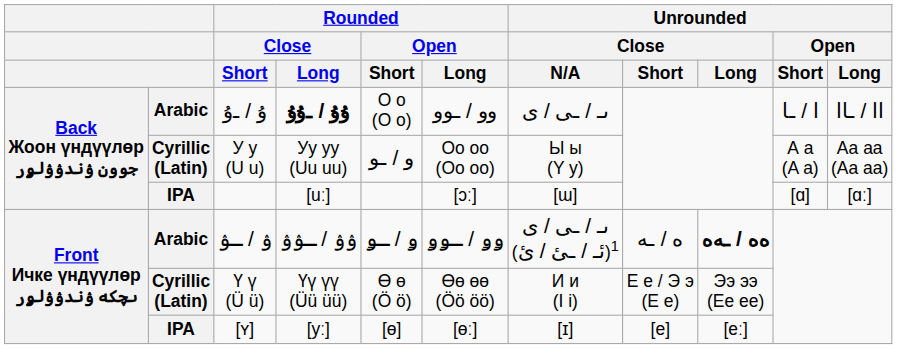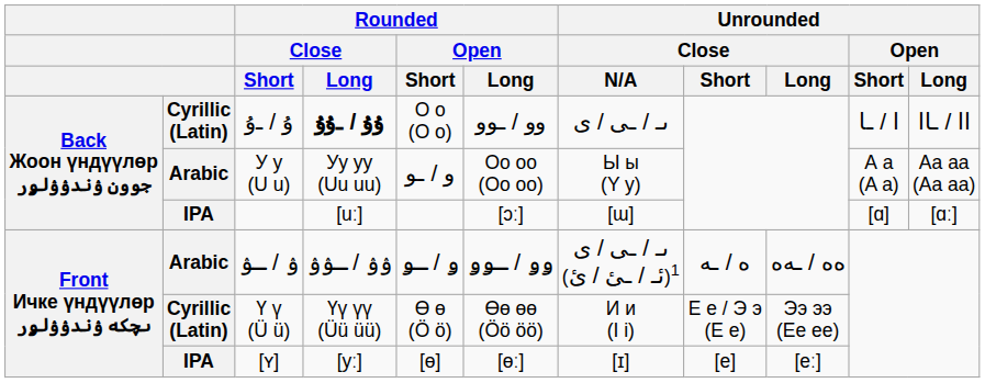 <table class="wikitable" style="text-align:center;">
 <tr>
 <th colspan=2></th>
 <th colspan=4><a href='#'>Rounded</a></th>
 <th colspan=5>Unrounded</th>
 </tr>
 <tr>
 <th colspan=2></th>
 <th colspan=2><a href='#'>Close</a></th>
 <th colspan=2><a href='#'>Open</a></th>
 <th colspan=3>Close</th>
 <th colspan=2>Open</th>
 </tr>
 <tr>
 <th colspan=2></th>
 <th><a href='#'>Short</a></th>
 <th><a href='#'>Long</a></th>
 <th>Short</th>
 <th>Long</th>
 <th>N/A</th>
 <th>Short</th>
 <th>Long</th>
 <th>Short</th>
 <th>Long</th>
 </tr>
 <tr>
 <th rowspan=3><a href='#'>Back</a><br>Жоон үндүүлөр<br>جوون ۉندۉۉلۅر</th>
-<th>Arabic</th>
+<th>Cyrillic<br>(Latin)</th>
 <td><big>ـﯗ‎ / ﯗ</big></td>
 <td><strong><big>ـﯗﯗ‎ / ﯗﯗ</big></strong></td>
 <td>О о<br>(O o)</td>
 <td><big>ـوو‎ / وو‎</big></td>
 <td><big>ىـ / ـى / ى‎</big></td>
 <td colspan=2; rowspan=3></td>
 <td><big>ا / ‍ـا</big></td>
 <td><big>اا / ‍ـاا</big></td>
 </tr>
 <tr>
-<th>Cyrillic<br>(Latin)</th>
+<th>Arabic</th>
 <td>У у<br>(U u)</td>
 <td>Уу уу<br>(Uu uu)</td>
 <td><big>ـو‎ / و‎</big></td>
 <td>Оо оо<br>(Oo oo)</td>
 <td>Ы ы<br>(Y y)</td>
 <td>А а<br>(A a)</td>
 <td>Аа аа<br>(Aa aa)</td>
 </tr>
 <tr>
 <th>IPA</th>
 <td></td>
 <td>[uː]</td>
 <td></td>
 <td>[ɔː]</td>
 <td>[ɯ]</td>
 <td>[ɑ]</td>
 <td>[ɑː]</td>
 </tr>
 <tr>
 <th rowspan=3><a href='#'>Front</a><br>Ичке үндүүлөр<br>ىچكە ۉندۉۉلۅر</th>
 <th>Arabic</th>
 <td><big>ـۉ‎ / ۉ</big></td>
 <td><big>ـۉۉ‎ / ۉۉ</big></td>
 <td><big>ـۅ‎ / ۅ‎</big></td>
 <td><big>ـۅۅ‎ / ۅۅ</big></td>
 <td><big>ىـ / ـى / ى‎</big><br>(<big>ئـ / ـئ / ئ‎</big>)<sup>1</sup></td>
 <td><big>ە / ـە</big></td>
-<td><strong><big>ەە / ـەە</big></strong></td>
+<td><big>ەە / ـەە</big></td>
 <td colspan=3; rowspan=3></td>
 </tr>
 <tr>
 <th>Cyrillic<br>(Latin)</th>
 <td>Ү ү<br>(Ü ü)</td>
 <td>Үү үү<br>(Üü üü)</td>
 <td>Ө ө<br>(Ö ö)</td>
 <td>Өө өө<br>(Öö öö)</td>
 <td>И и<br>(I i)</td>
 <td>Е е / Э э<br>(E e)</td>
 <td>Ээ ээ<br>(Ee ee)</td>
 </tr>
 <tr>
 <th>IPA</th>
 <td>[ʏ]</td>
 <td>[yː]</td>
 <td>[ɵ]</td>
 <td>[ɵː]</td>
 <td>[ɪ]</td>
 <td>[e]</td>
 <td>[eː]</td>
 </tr>
 </table>
